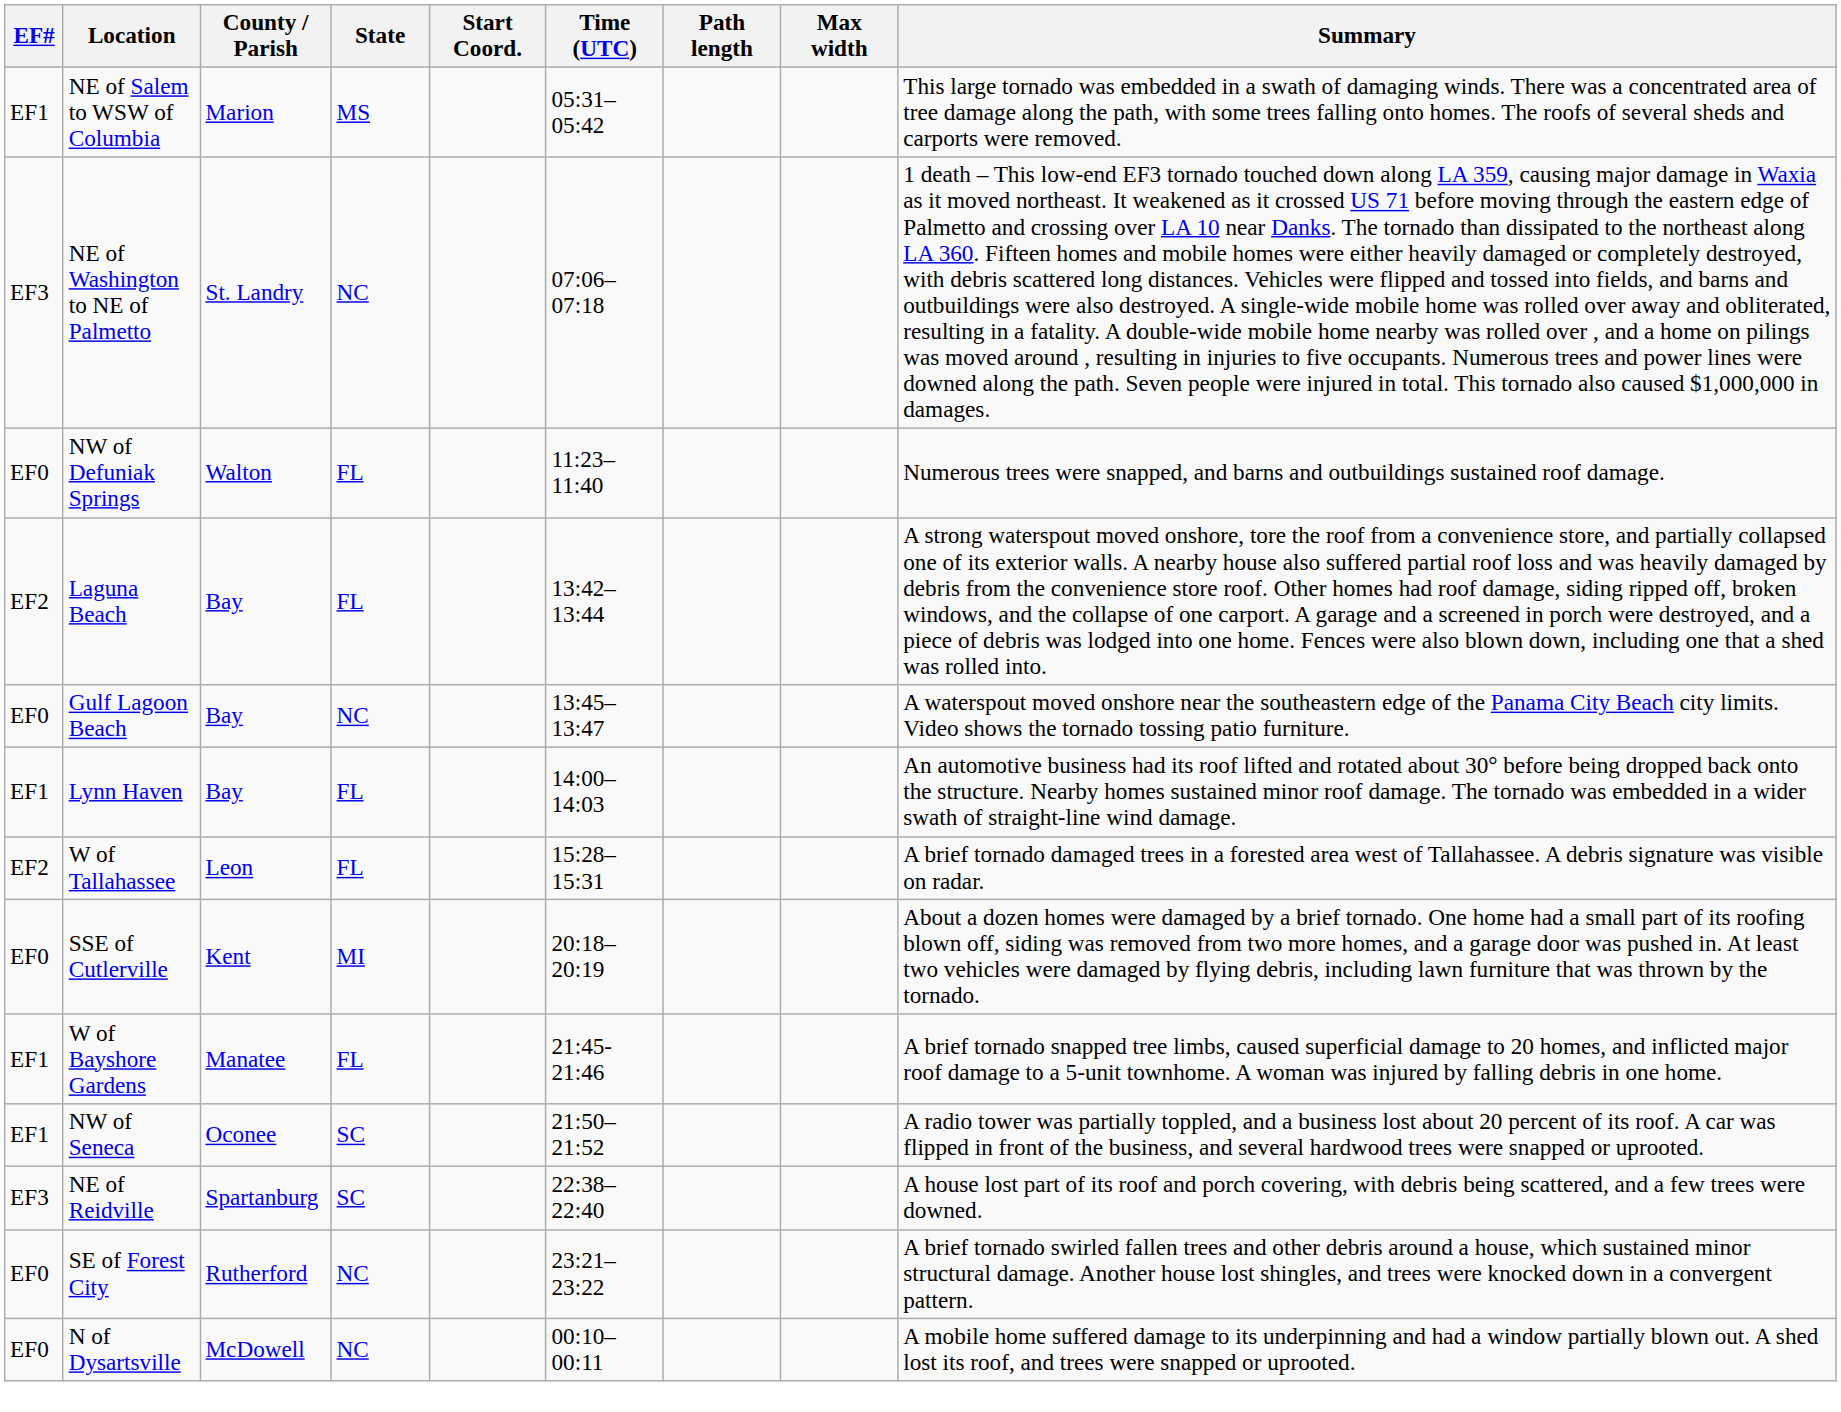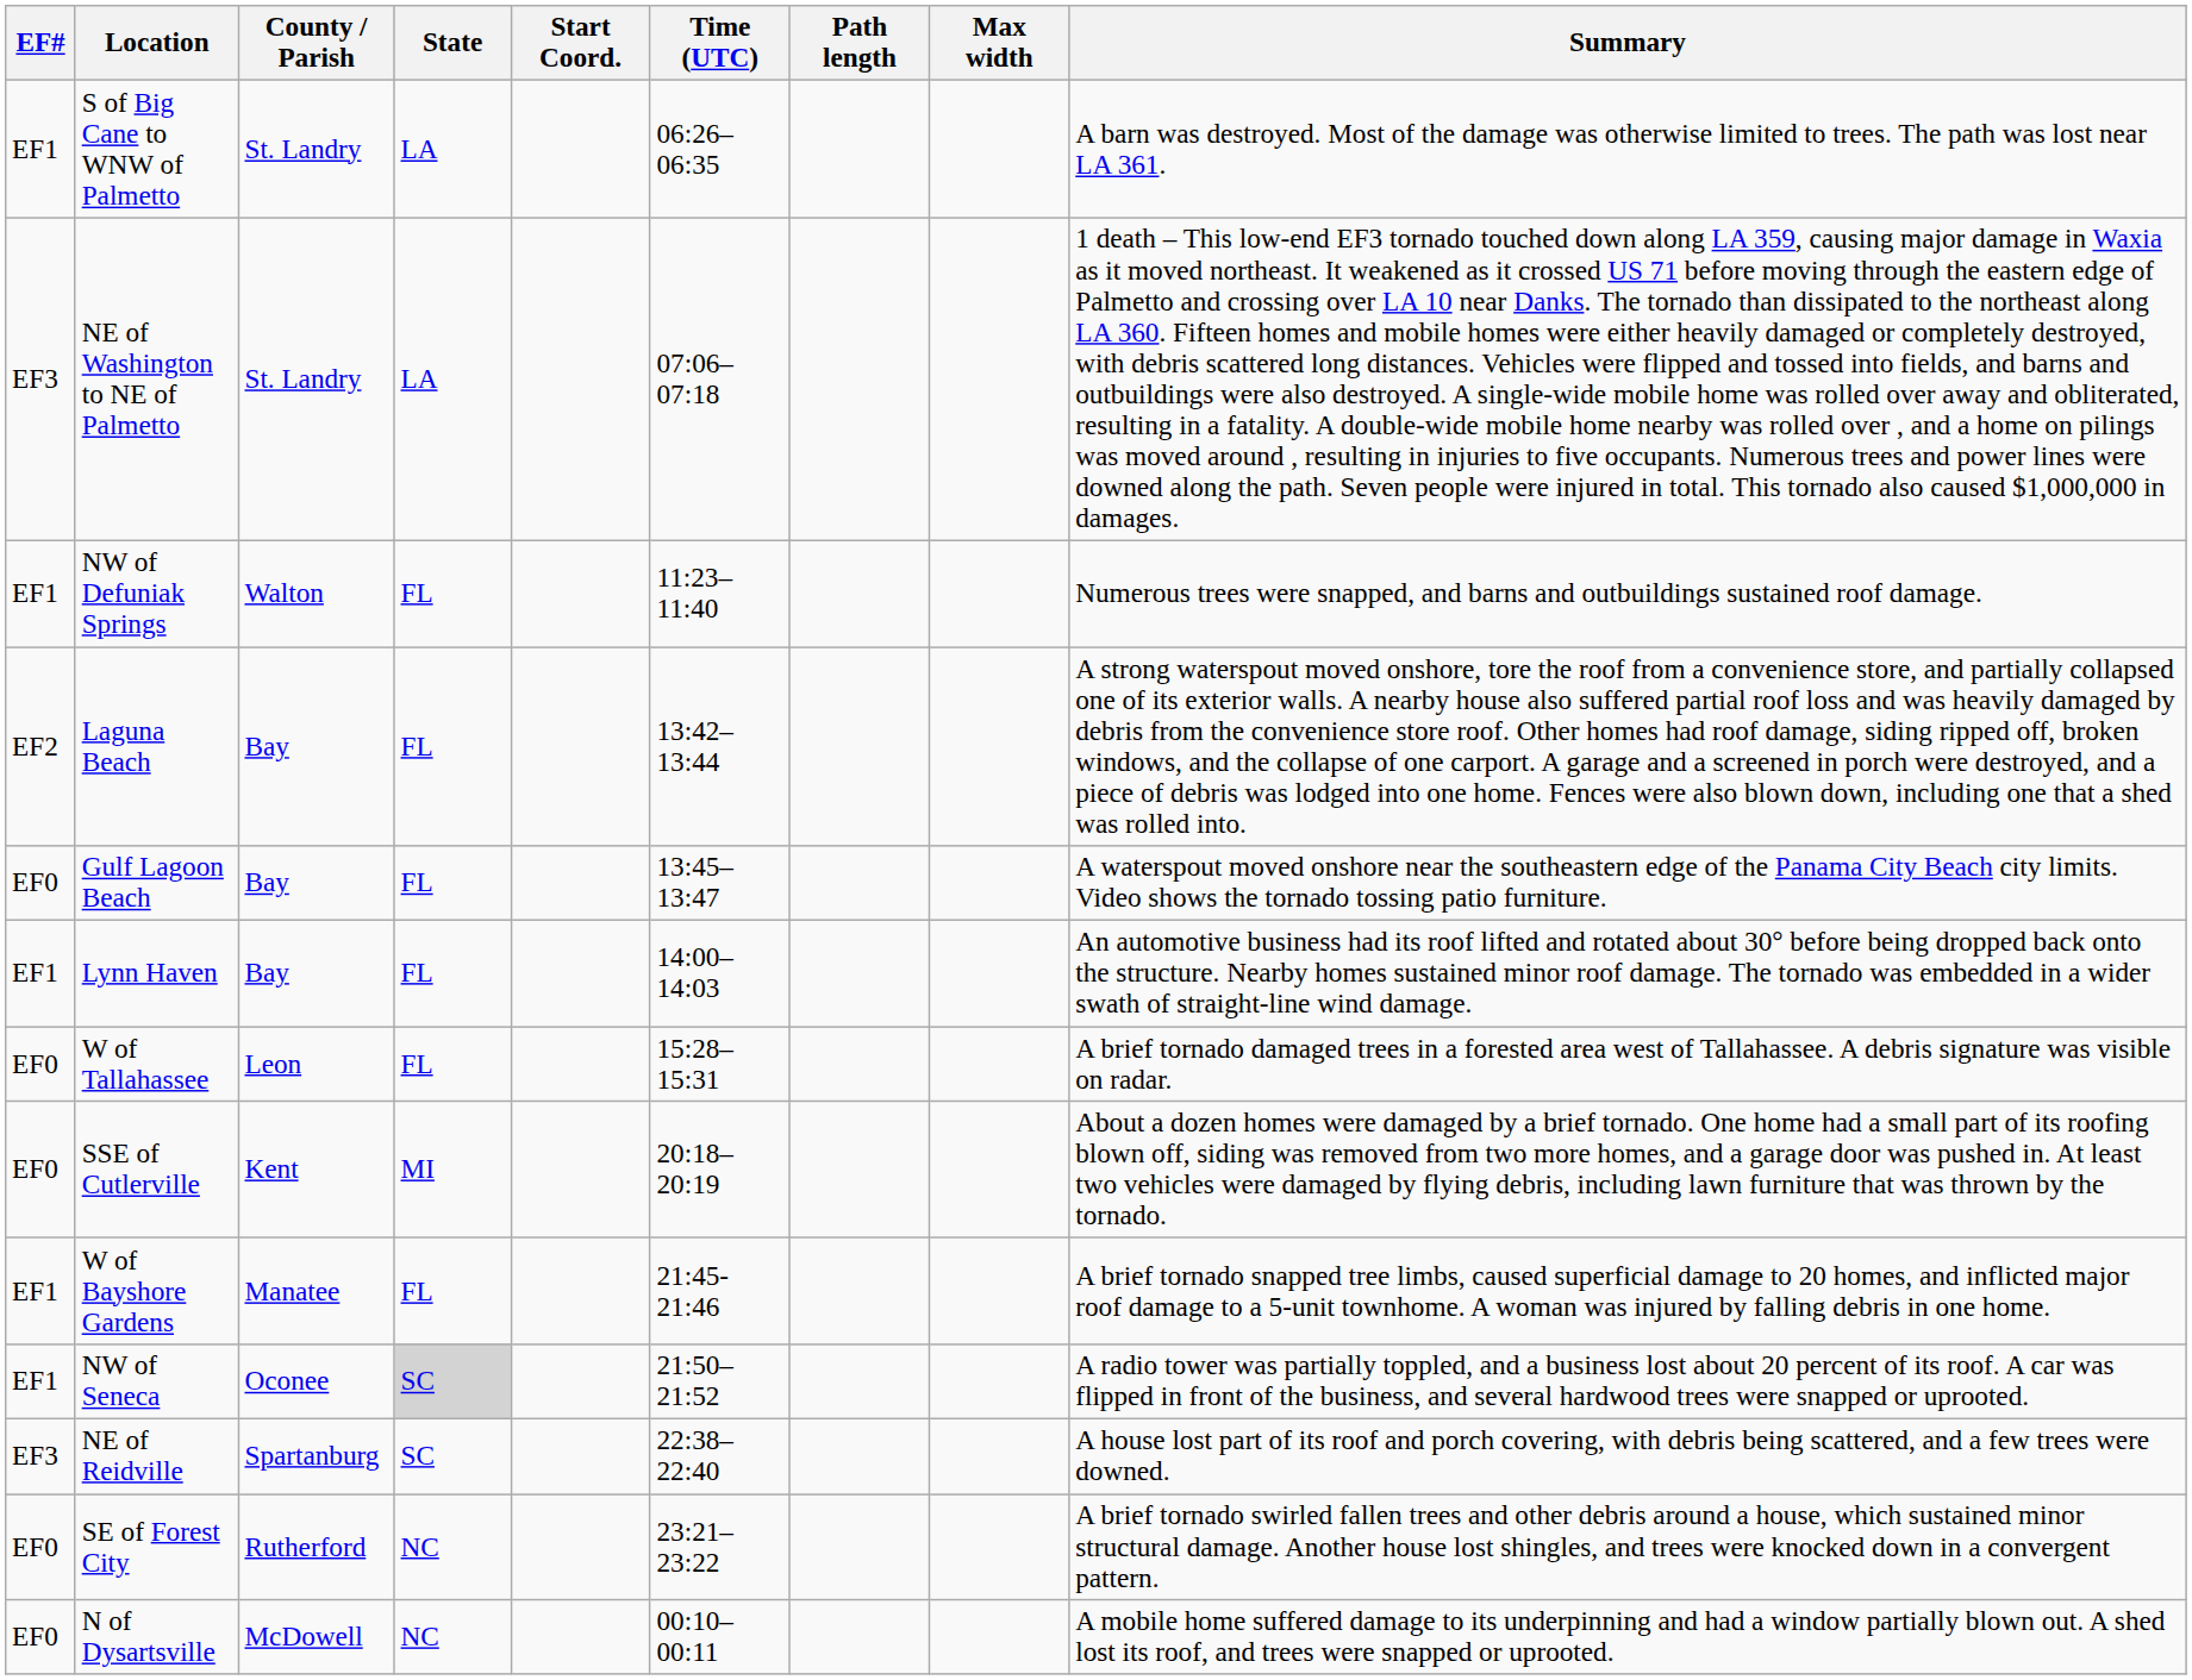 <table class="wikitable sortable" style="width:100%;">
 <tr>
 <th scope="col"  style="width:3%; text-align:center;"><a href='#'>EF#</a></th>
 <th scope="col"  style="width:7%; text-align:center;" class="unsortable">Location</th>
 <th scope="col"  style="width:6%; text-align:center;" class="unsortable">County / Parish</th>
 <th scope="col"  style="width:5%; text-align:center;">State</th>
 <th scope="col"  style="width:6%; text-align:center;">Start Coord.</th>
 <th scope="col"  style="width:6%; text-align:center;">Time (<a href='#'>UTC</a>)</th>
 <th scope="col"  style="width:6%; text-align:center;">Path length</th>
 <th scope="col"  style="width:6%; text-align:center;">Max width</th>
 <th scope="col" class="unsortable" style="width:48%; text-align:center;">Summary</th>
 </tr>
 <tr>
 <td>EF1</td>
-<td>NE of <a href='#'>Salem</a> to WSW of <a href='#'>Columbia</a></td>
-<td><a href='#'>Marion</a></td>
-<td><a href='#'>MS</a></td>
+<td>S of <a href='#'>Big Cane</a> to WNW of <a href='#'>Palmetto</a></td>
+<td><a href='#'>St. Landry</a></td>
+<td><a href='#'>LA</a></td>
 <td></td>
-<td>05:31–05:42</td>
+<td>06:26–06:35</td>
 <td></td>
 <td></td>
-<td>This large tornado was embedded in a swath of damaging winds. There was a concentrated area of tree damage along the path, with some trees falling onto homes. The roofs of several sheds and carports were removed.</td>
+<td>A barn was destroyed. Most of the damage was otherwise limited to trees. The path was lost near <a href='#'>LA 361</a>.</td>
 </tr>
 <tr>
 <td>EF3</td>
 <td>NE of <a href='#'>Washington</a> to NE of <a href='#'>Palmetto</a></td>
 <td><a href='#'>St. Landry</a></td>
-<td><a href='#'>NC</a></td>
+<td><a href='#'>LA</a></td>
 <td></td>
 <td>07:06–07:18</td>
 <td></td>
 <td></td>
 <td>1 death – This low-end EF3 tornado touched down along <a href='#'>LA 359</a>, causing major damage in <a href='#'>Waxia</a> as it moved northeast. It weakened as it crossed <a href='#'>US 71</a> before moving through the eastern edge of Palmetto and crossing over <a href='#'>LA 10</a> near <a href='#'>Danks</a>. The tornado than dissipated to the northeast along <a href='#'>LA 360</a>. Fifteen homes and mobile homes were either heavily damaged or completely destroyed, with debris scattered long distances. Vehicles were flipped and tossed into fields, and barns and outbuildings were also destroyed. A single-wide mobile home was rolled over  away and obliterated, resulting in a fatality. A double-wide mobile home nearby was rolled over , and a home on pilings was moved around , resulting in injuries to five occupants. Numerous trees and power lines were downed along the path. Seven people were injured in total. This tornado also caused $1,000,000 in damages.</td>
 </tr>
 <tr>
-<td>EF0</td>
+<td>EF1</td>
 <td>NW of <a href='#'>Defuniak Springs</a></td>
 <td><a href='#'>Walton</a></td>
 <td><a href='#'>FL</a></td>
 <td></td>
 <td>11:23–11:40</td>
 <td></td>
 <td></td>
 <td>Numerous trees were snapped, and barns and outbuildings sustained roof damage.</td>
 </tr>
 <tr>
 <td>EF2</td>
 <td><a href='#'>Laguna Beach</a></td>
 <td><a href='#'>Bay</a></td>
 <td><a href='#'>FL</a></td>
 <td></td>
 <td>13:42–13:44</td>
 <td></td>
 <td></td>
 <td>A strong waterspout moved onshore, tore the roof from a convenience store, and partially collapsed one of its exterior walls. A nearby house also suffered partial roof loss and was heavily damaged by debris from the convenience store roof. Other homes had roof damage, siding ripped off, broken windows, and the collapse of one carport. A garage and a screened in porch were destroyed, and a piece of debris was lodged into one home. Fences were also blown down, including one that a shed was rolled into.</td>
 </tr>
 <tr>
 <td>EF0</td>
 <td><a href='#'>Gulf Lagoon Beach</a></td>
 <td><a href='#'>Bay</a></td>
-<td><a href='#'>NC</a></td>
+<td><a href='#'>FL</a></td>
 <td></td>
 <td>13:45–13:47</td>
 <td></td>
 <td></td>
 <td>A waterspout moved onshore near the southeastern edge of the <a href='#'>Panama City Beach</a> city limits. Video shows the tornado tossing patio furniture.</td>
 </tr>
 <tr>
 <td>EF1</td>
 <td><a href='#'>Lynn Haven</a></td>
 <td><a href='#'>Bay</a></td>
 <td><a href='#'>FL</a></td>
 <td></td>
 <td>14:00–14:03</td>
 <td></td>
 <td></td>
 <td>An automotive business had its roof lifted and rotated about 30° before being dropped back onto the structure. Nearby homes sustained minor roof damage. The tornado was embedded in a wider swath of straight-line wind damage.</td>
 </tr>
 <tr>
-<td>EF2</td>
+<td>EF0</td>
 <td>W of <a href='#'>Tallahassee</a></td>
 <td><a href='#'>Leon</a></td>
 <td><a href='#'>FL</a></td>
 <td></td>
 <td>15:28–15:31</td>
 <td></td>
 <td></td>
 <td>A brief tornado damaged trees in a forested area west of Tallahassee. A debris signature was visible on radar.</td>
 </tr>
 <tr>
 <td>EF0</td>
 <td>SSE of <a href='#'>Cutlerville</a></td>
 <td><a href='#'>Kent</a></td>
 <td><a href='#'>MI</a></td>
 <td></td>
 <td>20:18–20:19</td>
 <td></td>
 <td></td>
 <td>About a dozen homes were damaged by a brief tornado. One home had a small part of its roofing blown off, siding was removed from two more homes, and a garage door was pushed in. At least two vehicles were damaged by flying debris, including lawn furniture that was thrown by the tornado.</td>
 </tr>
 <tr>
 <td>EF1</td>
 <td>W of <a href='#'>Bayshore Gardens</a></td>
 <td><a href='#'>Manatee</a></td>
 <td><a href='#'>FL</a></td>
 <td></td>
 <td>21:45-21:46</td>
 <td></td>
 <td></td>
 <td>A brief tornado snapped tree limbs, caused superficial damage to 20 homes, and inflicted major roof damage to a 5-unit townhome. A woman was injured by falling debris in one home.</td>
 </tr>
 <tr>
 <td>EF1</td>
 <td>NW of <a href='#'>Seneca</a></td>
 <td><a href='#'>Oconee</a></td>
-<td><a href='#'>SC</a></td>
+<td style="background: lightgrey;"><a href='#'>SC</a></td>
 <td></td>
 <td>21:50–21:52</td>
 <td></td>
 <td></td>
 <td>A radio tower was partially toppled, and a business lost about 20 percent of its roof. A car was flipped in front of the business, and several hardwood trees were snapped or uprooted.</td>
 </tr>
 <tr>
 <td>EF3</td>
 <td>NE of <a href='#'>Reidville</a></td>
 <td><a href='#'>Spartanburg</a></td>
 <td><a href='#'>SC</a></td>
 <td></td>
 <td>22:38–22:40</td>
 <td></td>
 <td></td>
 <td>A house lost part of its roof and porch covering, with debris being scattered, and a few trees were downed.</td>
 </tr>
 <tr>
 <td>EF0</td>
 <td>SE of <a href='#'>Forest City</a></td>
 <td><a href='#'>Rutherford</a></td>
 <td><a href='#'>NC</a></td>
 <td></td>
 <td>23:21–23:22</td>
 <td></td>
 <td></td>
 <td>A brief tornado swirled fallen trees and other debris around a house, which sustained minor structural damage. Another house lost shingles, and trees were knocked down in a convergent pattern.</td>
 </tr>
 <tr>
 <td>EF0</td>
 <td>N of <a href='#'>Dysartsville</a></td>
 <td><a href='#'>McDowell</a></td>
 <td><a href='#'>NC</a></td>
 <td></td>
 <td>00:10–00:11</td>
 <td></td>
 <td></td>
 <td>A mobile home suffered damage to its underpinning and had a window partially blown out. A shed lost its roof, and trees were snapped or uprooted.</td>
 </tr>
 </table>
